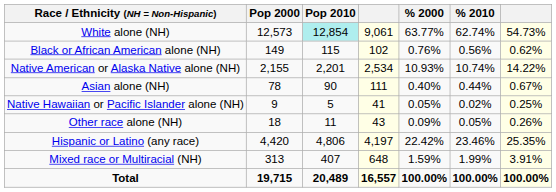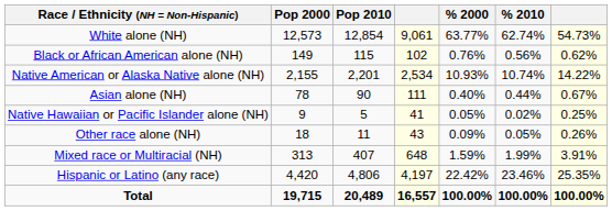 <table class="wikitable" style="text-align:center;">
 <tr>
 <th>Race / Ethnicity <small>(<em>NH = Non-Hispanic</em>)</small></th>
 <th>Pop 2000</th>
 <th>Pop 2010</th>
 <th></th>
 <th>% 2000</th>
 <th>% 2010</th>
 <th></th>
 </tr>
 <tr>
 <td><a href='#'>White</a> alone (NH)</td>
 <td>12,573</td>
-<td style="background: paleturquoise;">12,854</td>
+<td>12,854</td>
 <td style='background: #ffffe6;'>9,061</td>
 <td>63.77%</td>
 <td>62.74%</td>
 <td style='background: #ffffe6;'>54.73%</td>
 </tr>
 <tr>
 <td><a href='#'>Black or African American</a> alone (NH)</td>
 <td>149</td>
 <td>115</td>
 <td style='background: #ffffe6;'>102</td>
 <td>0.76%</td>
 <td>0.56%</td>
 <td style='background: #ffffe6;'>0.62%</td>
 </tr>
 <tr>
 <td><a href='#'>Native American</a> or <a href='#'>Alaska Native</a> alone (NH)</td>
 <td>2,155</td>
 <td>2,201</td>
 <td style='background: #ffffe6;'>2,534</td>
 <td>10.93%</td>
 <td>10.74%</td>
 <td style='background: #ffffe6;'>14.22%</td>
 </tr>
 <tr>
 <td><a href='#'>Asian</a> alone (NH)</td>
 <td>78</td>
 <td>90</td>
 <td style='background: #ffffe6;'>111</td>
 <td>0.40%</td>
 <td>0.44%</td>
 <td style='background: #ffffe6;'>0.67%</td>
 </tr>
 <tr>
 <td><a href='#'>Native Hawaiian</a> or <a href='#'>Pacific Islander</a> alone (NH)</td>
 <td>9</td>
 <td>5</td>
 <td style='background: #ffffe6;'>41</td>
 <td>0.05%</td>
 <td>0.02%</td>
 <td style='background: #ffffe6;'>0.25%</td>
 </tr>
 <tr>
 <td><a href='#'>Other race</a> alone (NH)</td>
 <td>18</td>
 <td>11</td>
 <td style='background: #ffffe6;'>43</td>
 <td>0.09%</td>
 <td>0.05%</td>
 <td style='background: #ffffe6;'>0.26%</td>
 </tr>
 <tr>
+<td><a href='#'>Mixed race or Multiracial</a> (NH)</td>
+<td>313</td>
+<td>407</td>
+<td style='background: #ffffe6;'>648</td>
+<td>1.59%</td>
+<td>1.99%</td>
+<td style='background: #ffffe6;'>3.91%</td>
+</tr>
+<tr>
 <td><a href='#'>Hispanic or Latino</a> (any race)</td>
 <td>4,420</td>
 <td>4,806</td>
 <td style='background: #ffffe6;'>4,197</td>
 <td>22.42%</td>
 <td>23.46%</td>
 <td style='background: #ffffe6;'>25.35%</td>
-</tr>
-<tr>
-<td><a href='#'>Mixed race or Multiracial</a> (NH)</td>
-<td>313</td>
-<td>407</td>
-<td style='background: #ffffe6;'>648</td>
-<td>1.59%</td>
-<td>1.99%</td>
-<td style='background: #ffffe6;'>3.91%</td>
 </tr>
 <tr>
 <td><strong>Total</strong></td>
 <td><strong>19,715</strong></td>
 <td><strong>20,489</strong></td>
 <td style='background: #ffffe6;'><strong>16,557</strong></td>
 <td><strong>100.00%</strong></td>
 <td><strong>100.00%</strong></td>
 <td style='background: #ffffe6;'><strong>100.00%</strong></td>
 </tr>
 </table>
